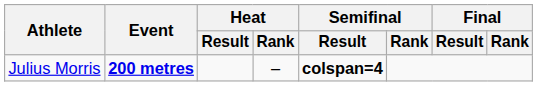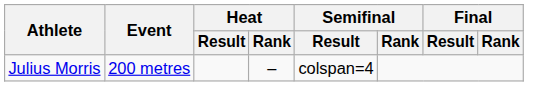 <table class=wikitable style=font-size:90%>
 <tr>
 <th rowspan=2>Athlete</th>
 <th rowspan=2>Event</th>
 <th colspan=2>Heat</th>
 <th colspan=2>Semifinal</th>
 <th colspan=2>Final</th>
 </tr>
 <tr style=font-size:95%>
 <th>Result</th>
 <th>Rank</th>
 <th>Result</th>
 <th>Rank</th>
 <th>Result</th>
 <th>Rank</th>
 </tr>
 <tr align=center>
 <td align=left><a href='#'>Julius Morris</a></td>
-<td align=left><strong><a href='#'>200 metres</a></strong></td>
+<td align=left><a href='#'>200 metres</a></td>
 <td></td>
 <td>–</td>
-<td><strong>colspan=4 </strong></td>
+<td>colspan=4 </td>
 </tr>
 </table>
